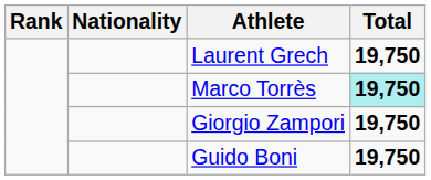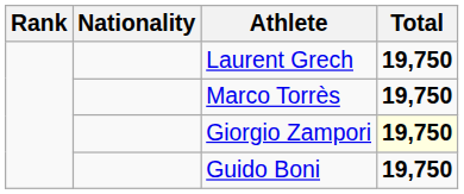 <table class="wikitable">
 <tr>
 <th>Rank</th>
 <th>Nationality</th>
 <th>Athlete</th>
 <th>Total</th>
 </tr>
 <tr>
 <td rowspan="4"></td>
 <td></td>
 <td><a href='#'>Laurent Grech</a></td>
 <td><strong>19,750</strong></td>
 </tr>
 <tr>
 <td></td>
 <td><a href='#'>Marco Torrès</a></td>
-<td style="background: paleturquoise;"><strong>19,750</strong></td>
+<td><strong>19,750</strong></td>
 </tr>
 <tr>
 <td></td>
 <td><a href='#'>Giorgio Zampori</a></td>
-<td><strong>19,750</strong></td>
+<td style="background: lightyellow;"><strong>19,750</strong></td>
 </tr>
 <tr>
 <td></td>
 <td><a href='#'>Guido Boni</a></td>
 <td><strong>19,750</strong></td>
 </tr>
 </table>
